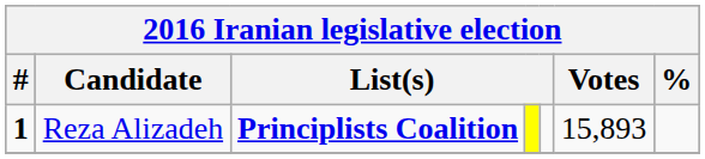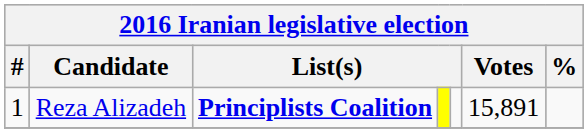 <table class=wikitable style=text-align:left>
 <tr>
 <th colspan="7" align=center><a href='#'>2016 Iranian legislative election</a></th>
 </tr>
 <tr>
 <th>#</th>
 <th>Candidate</th>
 <th colspan="3">List(s)</th>
 <th>Votes</th>
 <th>%</th>
 </tr>
 <tr>
-<td><strong>1</strong></td>
+<td>1</td>
 <td><a href='#'>Reza Alizadeh</a></td>
 <td><strong><a href='#'>Principlists Coalition</a></strong></td>
 <td style="background:#FFFF00"></td>
 <td></td>
-<td>15,893</td>
+<td>15,891</td>
 <td></td>
 </tr>
 <tr>
 </tr>
 </table>
